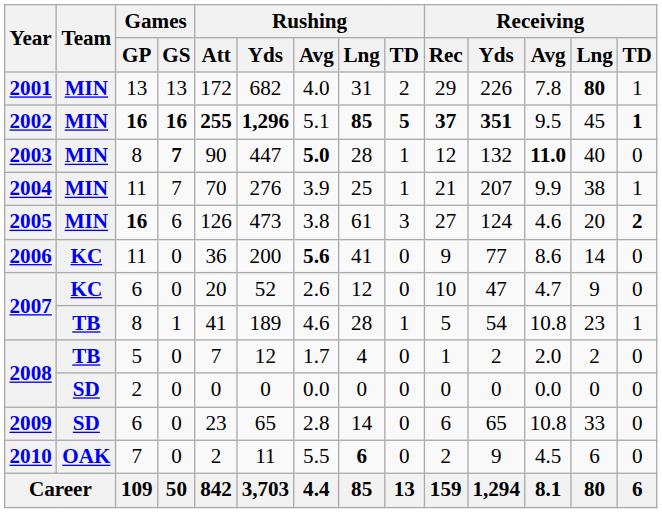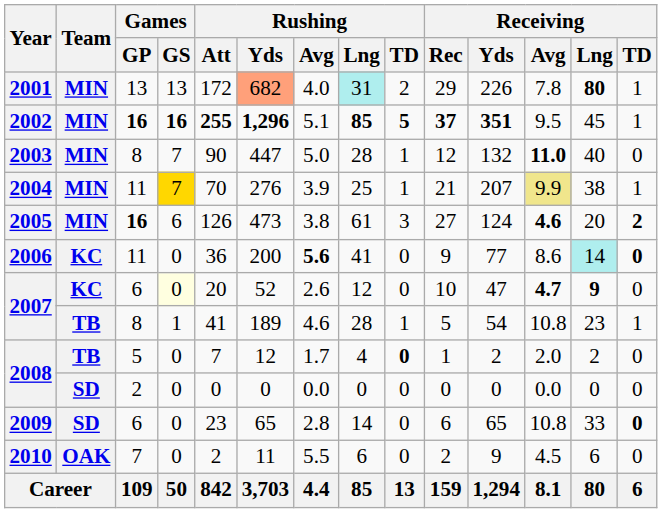 <table class=wikitable style="text-align:center">
 <tr>
 <th rowspan="2">Year</th>
 <th rowspan="2">Team</th>
 <th colspan="2">Games</th>
 <th colspan="5">Rushing</th>
 <th colspan="5">Receiving</th>
 </tr>
 <tr>
 <th>GP</th>
 <th>GS</th>
 <th>Att</th>
 <th>Yds</th>
 <th>Avg</th>
 <th>Lng</th>
 <th>TD</th>
 <th>Rec</th>
 <th>Yds</th>
 <th>Avg</th>
 <th>Lng</th>
 <th>TD</th>
 </tr>
 <tr>
 <th><a href='#'>2001</a></th>
 <th><a href='#'>MIN</a></th>
 <td>13</td>
 <td>13</td>
 <td>172</td>
-<td>682</td>
+<td style="background: lightsalmon;">682</td>
 <td>4.0</td>
-<td>31</td>
+<td style="background: paleturquoise;">31</td>
 <td>2</td>
 <td>29</td>
 <td>226</td>
 <td>7.8</td>
 <td><strong>80</strong></td>
 <td>1</td>
 </tr>
 <tr>
 <th><a href='#'>2002</a></th>
 <th><a href='#'>MIN</a></th>
 <td><strong>16</strong></td>
 <td><strong>16</strong></td>
 <td><strong>255</strong></td>
 <td><strong>1,296</strong></td>
 <td>5.1</td>
 <td><strong>85</strong></td>
 <td><strong>5</strong></td>
 <td><strong>37</strong></td>
 <td><strong>351</strong></td>
 <td>9.5</td>
 <td>45</td>
-<td><strong>1</strong></td>
+<td>1</td>
 </tr>
 <tr>
 <th><a href='#'>2003</a></th>
 <th><a href='#'>MIN</a></th>
 <td>8</td>
-<td><strong>7</strong></td>
+<td>7</td>
 <td>90</td>
 <td>447</td>
-<td><strong>5.0</strong></td>
+<td>5.0</td>
 <td>28</td>
 <td>1</td>
 <td>12</td>
 <td>132</td>
 <td><strong>11.0</strong></td>
 <td>40</td>
 <td>0</td>
 </tr>
 <tr>
 <th><a href='#'>2004</a></th>
 <th><a href='#'>MIN</a></th>
 <td>11</td>
-<td>7</td>
+<td style="background: gold;">7</td>
 <td>70</td>
 <td>276</td>
 <td>3.9</td>
 <td>25</td>
 <td>1</td>
 <td>21</td>
 <td>207</td>
-<td>9.9</td>
+<td style="background: khaki;">9.9</td>
 <td>38</td>
 <td>1</td>
 </tr>
 <tr>
 <th><a href='#'>2005</a></th>
 <th><a href='#'>MIN</a></th>
 <td><strong>16</strong></td>
 <td>6</td>
 <td>126</td>
 <td>473</td>
 <td>3.8</td>
 <td>61</td>
 <td>3</td>
 <td>27</td>
 <td>124</td>
-<td>4.6</td>
+<td><strong>4.6</strong></td>
 <td>20</td>
 <td><strong>2</strong></td>
 </tr>
 <tr>
 <th><a href='#'>2006</a></th>
 <th><a href='#'>KC</a></th>
 <td>11</td>
 <td>0</td>
 <td>36</td>
 <td>200</td>
 <td><strong>5.6</strong></td>
 <td>41</td>
 <td>0</td>
 <td>9</td>
 <td>77</td>
 <td>8.6</td>
-<td>14</td>
-<td>0</td>
+<td style="background: paleturquoise;">14</td>
+<td><strong>0</strong></td>
 </tr>
 <tr>
 <th rowspan="2"><a href='#'>2007</a></th>
 <th><a href='#'>KC</a></th>
 <td>6</td>
-<td>0</td>
+<td style="background: lightyellow;">0</td>
 <td>20</td>
 <td>52</td>
 <td>2.6</td>
 <td>12</td>
 <td>0</td>
 <td>10</td>
 <td>47</td>
-<td>4.7</td>
-<td>9</td>
+<td><strong>4.7</strong></td>
+<td><strong>9</strong></td>
 <td>0</td>
 </tr>
 <tr>
 <th><a href='#'>TB</a></th>
 <td>8</td>
 <td>1</td>
 <td>41</td>
 <td>189</td>
 <td>4.6</td>
 <td>28</td>
 <td>1</td>
 <td>5</td>
 <td>54</td>
 <td>10.8</td>
 <td>23</td>
 <td>1</td>
 </tr>
 <tr>
 <th rowspan="2"><a href='#'>2008</a></th>
 <th><a href='#'>TB</a></th>
 <td>5</td>
 <td>0</td>
 <td>7</td>
 <td>12</td>
 <td>1.7</td>
 <td>4</td>
-<td>0</td>
+<td><strong>0</strong></td>
 <td>1</td>
 <td>2</td>
 <td>2.0</td>
 <td>2</td>
 <td>0</td>
 </tr>
 <tr>
 <th><a href='#'>SD</a></th>
 <td>2</td>
 <td>0</td>
 <td>0</td>
 <td>0</td>
 <td>0.0</td>
 <td>0</td>
 <td>0</td>
 <td>0</td>
 <td>0</td>
 <td>0.0</td>
 <td>0</td>
 <td>0</td>
 </tr>
 <tr>
 <th><a href='#'>2009</a></th>
 <th><a href='#'>SD</a></th>
 <td>6</td>
 <td>0</td>
 <td>23</td>
 <td>65</td>
 <td>2.8</td>
 <td>14</td>
 <td>0</td>
 <td>6</td>
 <td>65</td>
 <td>10.8</td>
 <td>33</td>
-<td>0</td>
+<td><strong>0</strong></td>
 </tr>
 <tr>
 <th><a href='#'>2010</a></th>
 <th><a href='#'>OAK</a></th>
 <td>7</td>
 <td>0</td>
 <td>2</td>
 <td>11</td>
 <td>5.5</td>
-<td><strong>6</strong></td>
+<td>6</td>
 <td>0</td>
 <td>2</td>
 <td>9</td>
 <td>4.5</td>
 <td>6</td>
 <td>0</td>
 </tr>
 <tr>
 <th colspan="2">Career</th>
 <th>109</th>
 <th>50</th>
 <th>842</th>
 <th>3,703</th>
 <th>4.4</th>
 <th>85</th>
 <th>13</th>
 <th>159</th>
 <th>1,294</th>
 <th>8.1</th>
 <th>80</th>
 <th>6</th>
 </tr>
 </table>
